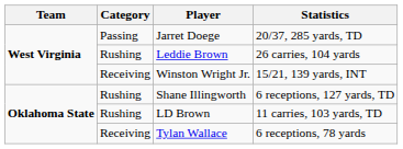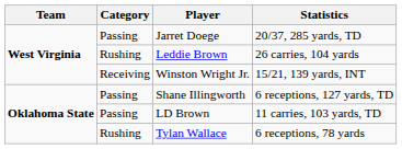 <table class="wikitable" style="float: right;">
 <tr>
 <th>Team</th>
 <th>Category</th>
 <th>Player</th>
 <th>Statistics</th>
 </tr>
 <tr>
 <td rowspan=3><strong>West Virginia</strong></td>
 <td>Passing</td>
 <td>Jarret Doege</td>
 <td>20/37, 285 yards, TD</td>
 </tr>
 <tr>
 <td>Rushing</td>
 <td><a href='#'>Leddie Brown</a></td>
 <td>26 carries, 104 yards</td>
 </tr>
 <tr>
 <td>Receiving</td>
 <td>Winston Wright Jr.</td>
 <td>15/21, 139 yards, INT</td>
 </tr>
 <tr>
 <td rowspan=3><strong>Oklahoma State</strong></td>
-<td>Rushing</td>
+<td>Passing</td>
 <td>Shane Illingworth</td>
 <td>6 receptions, 127 yards, TD</td>
 </tr>
 <tr>
-<td>Rushing</td>
+<td>Passing</td>
 <td>LD Brown</td>
 <td>11 carries, 103 yards, TD</td>
 </tr>
 <tr>
-<td>Receiving</td>
+<td>Rushing</td>
 <td><a href='#'>Tylan Wallace</a></td>
 <td>6 receptions, 78 yards</td>
 </tr>
 </table>
